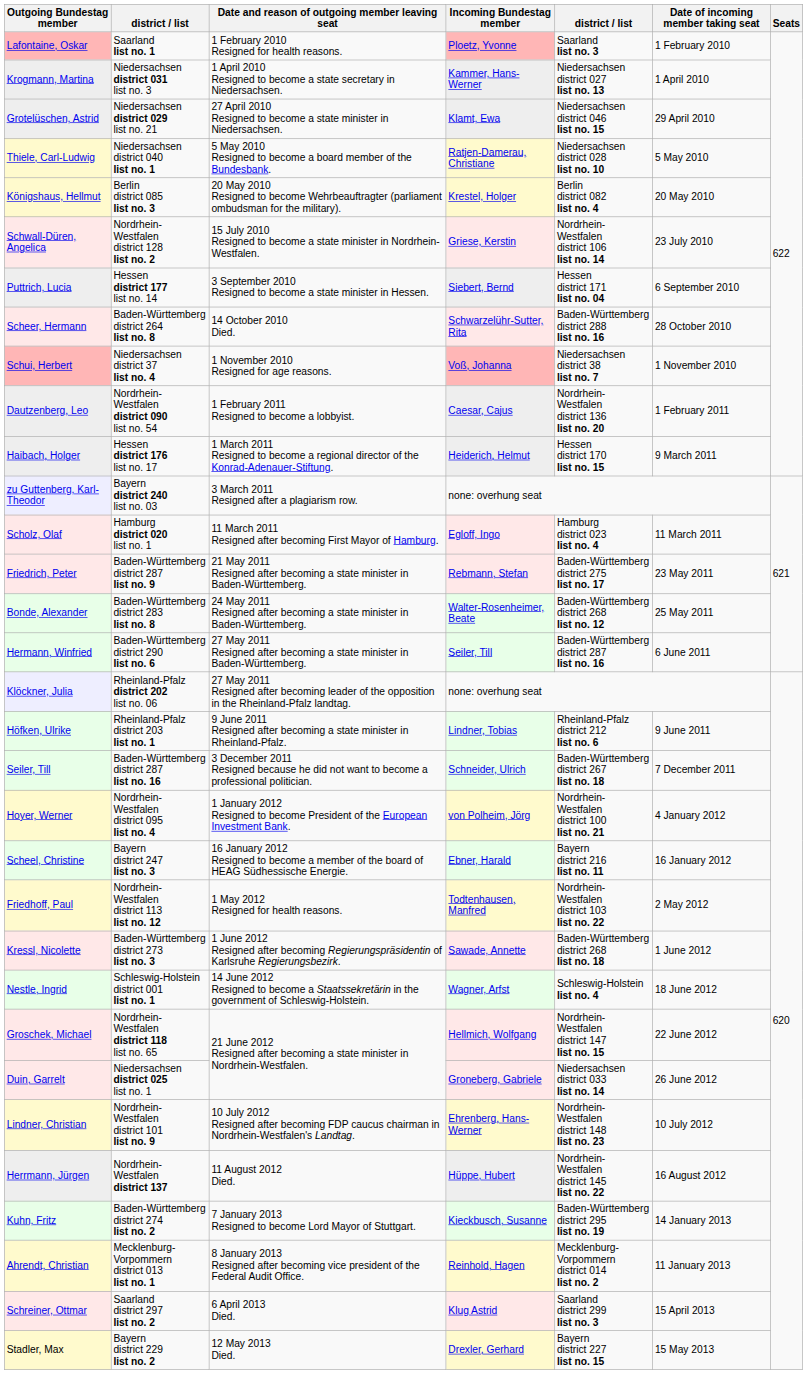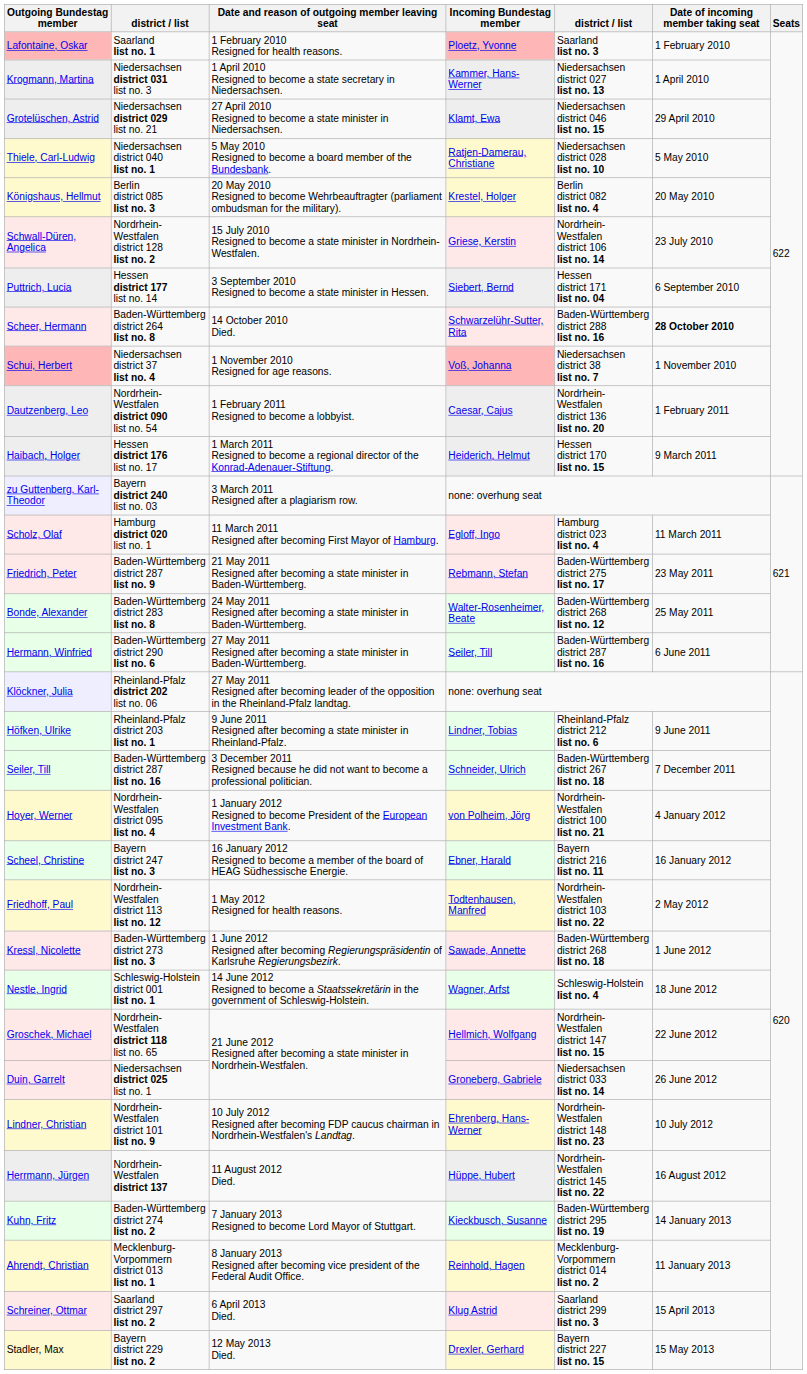 <table class="wikitable sortable">
 <tr valign=bottom>
 <th>Outgoing Bundestag member</th>
 <th>district / list</th>
 <th>Date and reason of outgoing member leaving seat</th>
 <th>Incoming Bundestag member</th>
 <th>district / list</th>
 <th>Date of incoming member taking seat</th>
 <th>Seats</th>
 </tr>
 <tr>
 <td style="background:#FFB6B6;"><a href='#'>Lafontaine, Oskar</a></td>
 <td>Saarland<br><strong>list no. 1</strong></td>
 <td>1 February 2010<br>Resigned for health reasons.</td>
 <td style="background:#FFB6B6;"><a href='#'>Ploetz, Yvonne</a></td>
 <td>Saarland<br><strong>list no. 3</strong></td>
 <td>1 February 2010</td>
 <td rowspan=11>622</td>
 </tr>
 <tr>
 <td style="background:#eee;"><a href='#'>Krogmann, Martina</a></td>
 <td>Niedersachsen<br><strong>district 031</strong><br>list no. 3</td>
 <td>1 April 2010<br>Resigned to become a state secretary in Niedersachsen.</td>
 <td style="background:#eee;"><a href='#'>Kammer, Hans-Werner</a></td>
 <td>Niedersachsen<br>district 027<br><strong>list no. 13</strong></td>
 <td>1 April 2010</td>
 </tr>
 <tr>
 <td style="background:#eee;"><a href='#'>Grotelüschen, Astrid</a></td>
 <td>Niedersachsen<br><strong>district 029</strong><br>list no. 21</td>
 <td>27 April 2010<br>Resigned to become a state minister in Niedersachsen.</td>
 <td style="background:#eee;"><a href='#'>Klamt, Ewa</a></td>
 <td>Niedersachsen<br>district 046<br><strong>list no. 15</strong></td>
 <td>29 April 2010</td>
 </tr>
 <tr>
 <td style="background:#FFFACD;"><a href='#'>Thiele, Carl-Ludwig</a></td>
 <td>Niedersachsen<br>district 040<br><strong>list no. 1</strong></td>
 <td>5 May 2010<br>Resigned to become a board member of the <a href='#'>Bundesbank</a>.</td>
 <td style="background:#FFFACD;"><a href='#'>Ratjen-Damerau, Christiane</a></td>
 <td>Niedersachsen<br>district 028<br><strong>list no. 10</strong></td>
 <td>5 May 2010</td>
 </tr>
 <tr>
 <td style="background:#FFFACD;"><a href='#'>Königshaus, Hellmut</a></td>
 <td>Berlin<br>district 085<br><strong>list no. 3</strong></td>
 <td>20 May 2010<br>Resigned to become Wehrbeauftragter (parliament ombudsman for the military).</td>
 <td style="background:#FFFACD;"><a href='#'>Krestel, Holger</a></td>
 <td>Berlin<br>district 082<br><strong>list no. 4</strong></td>
 <td>20 May 2010</td>
 </tr>
 <tr>
 <td style="background:#FFE8E8;"><a href='#'>Schwall-Düren, Angelica</a></td>
 <td>Nordrhein-Westfalen<br>district 128<br><strong>list no. 2</strong></td>
 <td>15 July 2010<br>Resigned to become a state minister in Nordrhein-Westfalen.</td>
 <td style="background:#FFE8E8;"><a href='#'>Griese, Kerstin</a></td>
 <td>Nordrhein-Westfalen<br>district 106<br><strong>list no. 14</strong></td>
 <td>23 July 2010</td>
 </tr>
 <tr>
 <td style="background:#eee;"><a href='#'>Puttrich, Lucia</a></td>
 <td>Hessen<br><strong>district 177</strong><br>list no. 14</td>
 <td>3 September 2010<br>Resigned to become a state minister in Hessen.</td>
 <td style="background:#eee;"><a href='#'>Siebert, Bernd</a></td>
 <td>Hessen<br>district 171<br><strong>list no. 04</strong></td>
 <td>6 September 2010</td>
 </tr>
 <tr>
 <td style="background:#FFE8E8;"><a href='#'>Scheer, Hermann</a></td>
 <td>Baden-Württemberg<br>district 264<br><strong>list no. 8</strong></td>
 <td>14 October 2010<br>Died.</td>
 <td style="background:#FFE8E8;"><a href='#'>Schwarzelühr-Sutter, Rita</a></td>
 <td>Baden-Württemberg<br>district 288<br><strong>list no. 16</strong></td>
-<td>28 October 2010</td>
+<td><strong>28 October 2010</strong></td>
 </tr>
 <tr>
 <td style="background:#FFB6B6;"><a href='#'>Schui, Herbert</a></td>
 <td>Niedersachsen<br>district 37<br><strong>list no. 4</strong></td>
 <td>1 November 2010<br>Resigned for age reasons.</td>
 <td style="background:#FFB6B6;"><a href='#'>Voß, Johanna</a></td>
 <td>Niedersachsen<br>district 38<br><strong>list no. 7</strong></td>
 <td>1 November 2010</td>
 </tr>
 <tr>
 <td style="background:#eee;"><a href='#'>Dautzenberg, Leo</a></td>
 <td>Nordrhein-Westfalen<br><strong>district 090</strong><br>list no. 54</td>
 <td>1 February 2011<br>Resigned to become a lobbyist.</td>
 <td style="background:#eee;"><a href='#'>Caesar, Cajus</a></td>
 <td>Nordrhein-Westfalen<br>district 136<br><strong>list no. 20</strong></td>
 <td>1 February 2011</td>
 </tr>
 <tr>
 <td style="background:#eee;"><a href='#'>Haibach, Holger</a></td>
 <td>Hessen<br><strong>district 176</strong><br>list no. 17</td>
 <td>1 March 2011<br>Resigned to become a regional director of the <a href='#'>Konrad-Adenauer-Stiftung</a>.</td>
 <td style="background:#eee;"><a href='#'>Heiderich, Helmut</a></td>
 <td>Hessen<br>district 170<br><strong>list no. 15</strong></td>
 <td>9 March 2011</td>
 </tr>
 <tr>
 <td style="background:#eef;"><a href='#'>zu Guttenberg, Karl-Theodor</a></td>
 <td>Bayern<br><strong>district 240</strong><br>list no. 03</td>
 <td>3 March 2011<br>Resigned after a plagiarism row.</td>
 <td colspan=3>none: overhung seat</td>
 <td rowspan=5>621</td>
 </tr>
 <tr>
 <td style="background:#FFE8E8;"><a href='#'>Scholz, Olaf</a></td>
 <td>Hamburg<br><strong>district 020</strong><br>list no. 1</td>
 <td>11 March 2011<br>Resigned after becoming First Mayor of <a href='#'>Hamburg</a>.</td>
 <td style="background:#FFE8E8;"><a href='#'>Egloff, Ingo</a></td>
 <td>Hamburg<br>district 023<br><strong>list no. 4</strong></td>
 <td>11 March 2011</td>
 </tr>
 <tr>
 <td style="background:#FFE8E8;"><a href='#'>Friedrich, Peter</a></td>
 <td>Baden-Württemberg<br>district 287<br><strong>list no. 9</strong></td>
 <td>21 May 2011<br>Resigned after becoming a state minister in Baden-Württemberg.</td>
 <td style="background:#FFE8E8;"><a href='#'>Rebmann, Stefan</a></td>
 <td>Baden-Württemberg<br>district 275<br><strong>list no. 17</strong></td>
 <td>23 May 2011</td>
 </tr>
 <tr>
 <td style="background:#E8FFE8;"><a href='#'>Bonde, Alexander</a></td>
 <td>Baden-Württemberg<br>district 283<br><strong>list no. 8</strong></td>
 <td>24 May 2011<br>Resigned after becoming a state minister in Baden-Württemberg.</td>
 <td style="background:#E8FFE8;"><a href='#'>Walter-Rosenheimer, Beate</a></td>
 <td>Baden-Württemberg<br>district 268<br><strong>list no. 12</strong></td>
 <td>25 May 2011</td>
 </tr>
 <tr>
 <td style="background:#E8FFE8;"><a href='#'>Hermann, Winfried</a></td>
 <td>Baden-Württemberg<br>district 290<br><strong>list no. 6</strong></td>
 <td>27 May 2011<br>Resigned after becoming a state minister in Baden-Württemberg.</td>
 <td style="background:#E8FFE8;"><a href='#'>Seiler, Till</a></td>
 <td>Baden-Württemberg<br>district 287<br><strong>list no. 16</strong></td>
 <td>6 June 2011</td>
 </tr>
 <tr>
 <td style="background:#eef;"><a href='#'>Klöckner, Julia</a></td>
 <td>Rheinland-Pfalz<br><strong>district 202</strong><br>list no. 06</td>
 <td>27 May 2011<br>Resigned after becoming leader of the opposition in the Rheinland-Pfalz landtag.</td>
 <td colspan=3>none: overhung seat</td>
 <td rowspan=16>620</td>
 </tr>
 <tr>
 <td style="background:#E8FFE8;"><a href='#'>Höfken, Ulrike</a></td>
 <td>Rheinland-Pfalz<br>district 203<br><strong>list no. 1</strong></td>
 <td>9 June 2011<br>Resigned after becoming a state minister in Rheinland-Pfalz.</td>
 <td style="background:#E8FFE8;"><a href='#'>Lindner, Tobias</a></td>
 <td>Rheinland-Pfalz<br>district 212<br><strong>list no. 6</strong></td>
 <td>9 June 2011</td>
 </tr>
 <tr>
 <td style="background:#E8FFE8;"><a href='#'>Seiler, Till</a></td>
 <td>Baden-Württemberg<br>district 287<br><strong>list no. 16</strong></td>
 <td>3 December 2011<br>Resigned because he did not want to become a professional politician.</td>
 <td style="background:#E8FFE8;"><a href='#'>Schneider, Ulrich</a></td>
 <td>Baden-Württemberg<br>district 267<br><strong>list no. 18</strong></td>
 <td>7 December 2011</td>
 </tr>
 <tr>
 <td style="background:#FFFACD;"><a href='#'>Hoyer, Werner</a></td>
 <td>Nordrhein-Westfalen<br>district 095<br><strong>list no. 4</strong></td>
 <td>1 January 2012<br>Resigned to become President of the <a href='#'>European Investment Bank</a>.</td>
 <td style="background:#FFFACD;"><a href='#'>von Polheim, Jörg</a></td>
 <td>Nordrhein-Westfalen<br>district 100<br><strong>list no. 21</strong></td>
 <td>4 January 2012</td>
 </tr>
 <tr>
 <td style="background:#E8FFE8;"><a href='#'>Scheel, Christine</a></td>
 <td>Bayern<br>district 247<br><strong>list no. 3</strong></td>
 <td>16 January 2012<br>Resigned to become a member of the board of HEAG Südhessische Energie.</td>
 <td style="background:#E8FFE8;"><a href='#'>Ebner, Harald</a></td>
 <td>Bayern<br>district 216<br><strong>list no. 11</strong></td>
 <td>16 January 2012</td>
 </tr>
 <tr>
 <td style="background:#FFFACD;"><a href='#'>Friedhoff, Paul</a></td>
 <td>Nordrhein-Westfalen<br>district 113<br><strong>list no. 12</strong></td>
 <td>1 May 2012<br>Resigned for health reasons.</td>
 <td style="background:#FFFACD;"><a href='#'>Todtenhausen, Manfred</a></td>
 <td>Nordrhein-Westfalen<br>district 103<br><strong>list no. 22</strong></td>
 <td>2 May 2012</td>
 </tr>
 <tr>
 <td style="background:#FFE8E8;"><a href='#'>Kressl, Nicolette</a></td>
 <td>Baden-Württemberg<br>district 273<br><strong>list no. 3</strong></td>
 <td>1 June 2012<br>Resigned after becoming <em>Regierungspräsidentin</em> of Karlsruhe <em>Regierungsbezirk</em>.</td>
 <td style="background:#FFE8E8;"><a href='#'>Sawade, Annette</a></td>
 <td>Baden-Württemberg<br>district 268<br><strong>list no. 18</strong></td>
 <td>1 June 2012</td>
 </tr>
 <tr>
 <td style="background:#E8FFE8;"><a href='#'>Nestle, Ingrid</a></td>
 <td>Schleswig-Holstein<br>district 001<br><strong>list no. 1</strong></td>
 <td>14 June 2012<br>Resigned to become a <em>Staatssekretärin</em> in the government of Schleswig-Holstein.</td>
 <td style="background:#E8FFE8;"><a href='#'>Wagner, Arfst</a></td>
 <td>Schleswig-Holstein<br><strong>list no. 4</strong></td>
 <td>18 June 2012</td>
 </tr>
 <tr>
 <td style="background:#FFE8E8;"><a href='#'>Groschek, Michael</a></td>
 <td>Nordrhein-Westfalen<br><strong>district 118</strong><br>list no. 65</td>
 <td rowspan=2>21 June 2012<br>Resigned after becoming a state minister in Nordrhein-Westfalen.</td>
 <td style="background:#FFE8E8;"><a href='#'>Hellmich, Wolfgang</a></td>
 <td>Nordrhein-Westfalen<br>district 147<br><strong>list no. 15</strong></td>
 <td>22 June 2012</td>
 </tr>
 <tr>
 <td style="background:#FFE8E8;"><a href='#'>Duin, Garrelt</a></td>
 <td>Niedersachsen<br><strong>district 025</strong><br>list no. 1</td>
 <td style="background:#FFE8E8;"><a href='#'>Groneberg, Gabriele</a></td>
 <td>Niedersachsen<br>district 033<br><strong>list no. 14</strong></td>
 <td>26 June 2012</td>
 </tr>
 <tr>
 <td style="background:#FFFACD;"><a href='#'>Lindner, Christian</a></td>
 <td>Nordrhein-Westfalen<br>district 101<br><strong>list no. 9</strong></td>
 <td>10 July 2012<br>Resigned after becoming FDP caucus chairman in Nordrhein-Westfalen's <em>Landtag</em>.</td>
 <td style="background:#FFFACD;"><a href='#'>Ehrenberg, Hans-Werner</a></td>
 <td>Nordrhein-Westfalen<br>district 148<br><strong>list no. 23</strong></td>
 <td>10 July 2012</td>
 </tr>
 <tr>
 <td style="background:#eee;"><a href='#'>Herrmann, Jürgen</a></td>
 <td>Nordrhein-Westfalen<br><strong>district 137</strong></td>
 <td>11 August 2012<br>Died.</td>
 <td style="background:#eee;"><a href='#'>Hüppe, Hubert</a></td>
 <td>Nordrhein-Westfalen<br>district 145<br><strong>list no. 22</strong></td>
 <td>16 August 2012</td>
 </tr>
 <tr>
 <td style="background:#E8FFE8;"><a href='#'>Kuhn, Fritz</a></td>
 <td>Baden-Württemberg<br>district 274<br><strong>list no. 2</strong></td>
 <td>7 January 2013<br>Resigned to become Lord Mayor of Stuttgart.</td>
 <td style="background:#E8FFE8;"><a href='#'>Kieckbusch, Susanne</a></td>
 <td>Baden-Württemberg<br>district 295<br><strong>list no. 19</strong></td>
 <td>14 January 2013</td>
 </tr>
 <tr>
 <td style="background:#FFFACD;"><a href='#'>Ahrendt, Christian</a></td>
 <td>Mecklenburg-Vorpommern<br>district 013<br><strong>list no. 1</strong></td>
 <td>8 January 2013<br>Resigned after becoming vice president of the Federal Audit Office.</td>
 <td style="background:#FFFACD;"><a href='#'>Reinhold, Hagen</a></td>
 <td>Mecklenburg-Vorpommern<br>district 014<br><strong>list no. 2</strong></td>
 <td>11 January 2013</td>
 </tr>
 <tr>
 <td style="background:#FFE8E8;"><a href='#'>Schreiner, Ottmar</a></td>
 <td>Saarland<br>district 297<br><strong>list no. 2</strong></td>
 <td>6 April 2013<br>Died.</td>
 <td style="background:#FFE8E8;"><a href='#'>Klug Astrid</a></td>
 <td>Saarland<br>district 299<br><strong>list no. 3</strong></td>
 <td>15 April 2013</td>
 </tr>
 <tr>
 <td style="background:#FFFACD;">Stadler, Max</td>
 <td>Bayern<br>district 229<br><strong>list no. 2</strong></td>
 <td>12 May 2013<br>Died.</td>
 <td style="background:#FFFACD;"><a href='#'>Drexler, Gerhard</a></td>
 <td>Bayern<br>district 227<br><strong>list no. 15</strong></td>
 <td>15 May 2013</td>
 </tr>
 </table>
